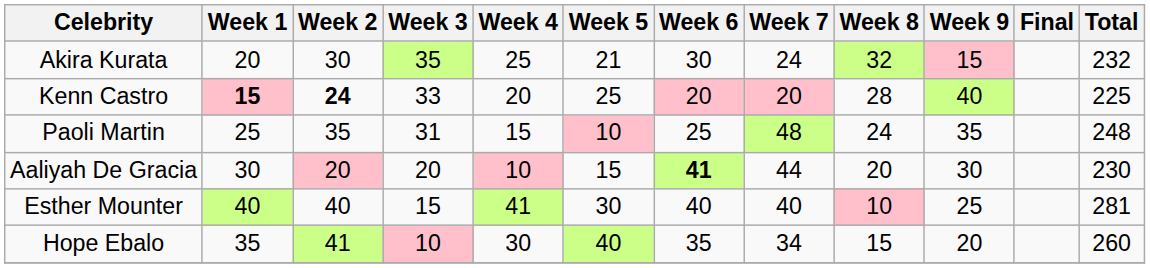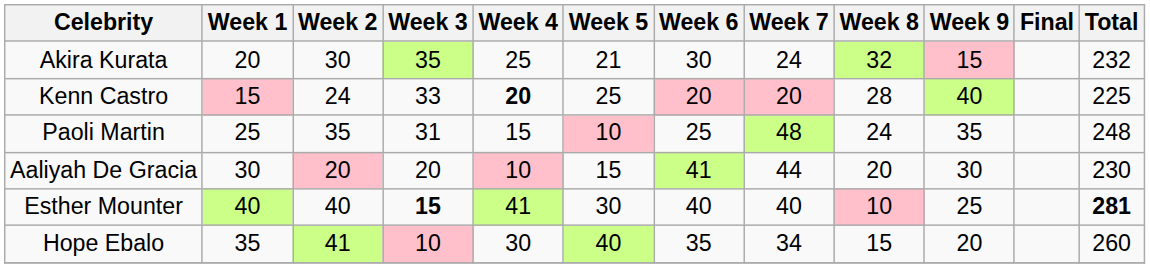 <table class="wikitable sortable" style="text-align:center">
 <tr>
 <th>Celebrity</th>
 <th>Week 1</th>
 <th>Week 2</th>
 <th>Week 3</th>
 <th>Week 4</th>
 <th>Week 5</th>
 <th>Week 6</th>
 <th>Week 7</th>
 <th>Week 8</th>
 <th>Week 9</th>
 <th>Final</th>
 <th>Total</th>
 </tr>
 <tr>
 <td>Akira Kurata</td>
 <td>20</td>
 <td>30</td>
 <td style="background:#ccff88">35</td>
 <td>25</td>
 <td>21</td>
 <td>30</td>
 <td>24</td>
 <td style="background:#ccff88">32</td>
 <td style="background:pink">15</td>
 <td></td>
 <td>232</td>
 </tr>
 <tr>
 <td>Kenn Castro</td>
-<td style="background:pink"><strong>15</strong></td>
-<td><strong>24</strong></td>
+<td style="background:pink">15</td>
+<td>24</td>
 <td>33</td>
-<td>20</td>
+<td><strong>20</strong></td>
 <td>25</td>
 <td style="background:pink">20</td>
 <td style="background:pink">20</td>
 <td>28</td>
 <td style="background:#ccff88">40</td>
 <td></td>
 <td>225</td>
 </tr>
 <tr>
 <td>Paoli Martin</td>
 <td>25</td>
 <td>35</td>
 <td>31</td>
 <td>15</td>
 <td style="background:pink">10</td>
 <td>25</td>
 <td style="background:#ccff88">48</td>
 <td>24</td>
 <td>35</td>
 <td></td>
 <td>248</td>
 </tr>
 <tr>
 <td>Aaliyah De Gracia</td>
 <td>30</td>
 <td style="background:pink">20</td>
 <td>20</td>
 <td style="background:pink">10</td>
 <td>15</td>
-<td style="background:#ccff88"><strong>41</strong></td>
+<td style="background:#ccff88">41</td>
 <td>44</td>
 <td>20</td>
 <td>30</td>
 <td></td>
 <td>230</td>
 </tr>
 <tr>
 <td>Esther Mounter</td>
 <td style="background:#ccff88">40</td>
 <td>40</td>
-<td>15</td>
+<td><strong>15</strong></td>
 <td style="background:#ccff88">41</td>
 <td>30</td>
 <td>40</td>
 <td>40</td>
 <td style="background:pink">10</td>
 <td>25</td>
 <td></td>
-<td>281</td>
+<td><strong>281</strong></td>
 </tr>
 <tr>
 <td>Hope Ebalo</td>
 <td>35</td>
 <td style="background:#ccff88">41</td>
 <td style="background:pink">10</td>
 <td>30</td>
 <td style="background:#ccff88">40</td>
 <td>35</td>
 <td>34</td>
 <td>15</td>
 <td>20</td>
 <td></td>
 <td>260</td>
 </tr>
 <tr>
 </tr>
 </table>
